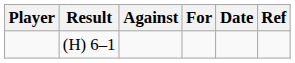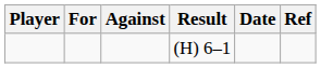 <table class="wikitable">
 <tr>
 <th>Player</th>
+<th>For</th>
+<th>Against</th>
 <th style="text-align:center">Result</th>
-<th>Against</th>
-<th>For</th>
 <th>Date</th>
 <th>Ref</th>
 </tr>
 <tr>
 <td></td>
-<td align="center">(H) 6–1</td>
 <td></td>
 <td></td>
+<td align="center">(H) 6–1</td>
 <td></td>
 <td></td>
 </tr>
 </table>
